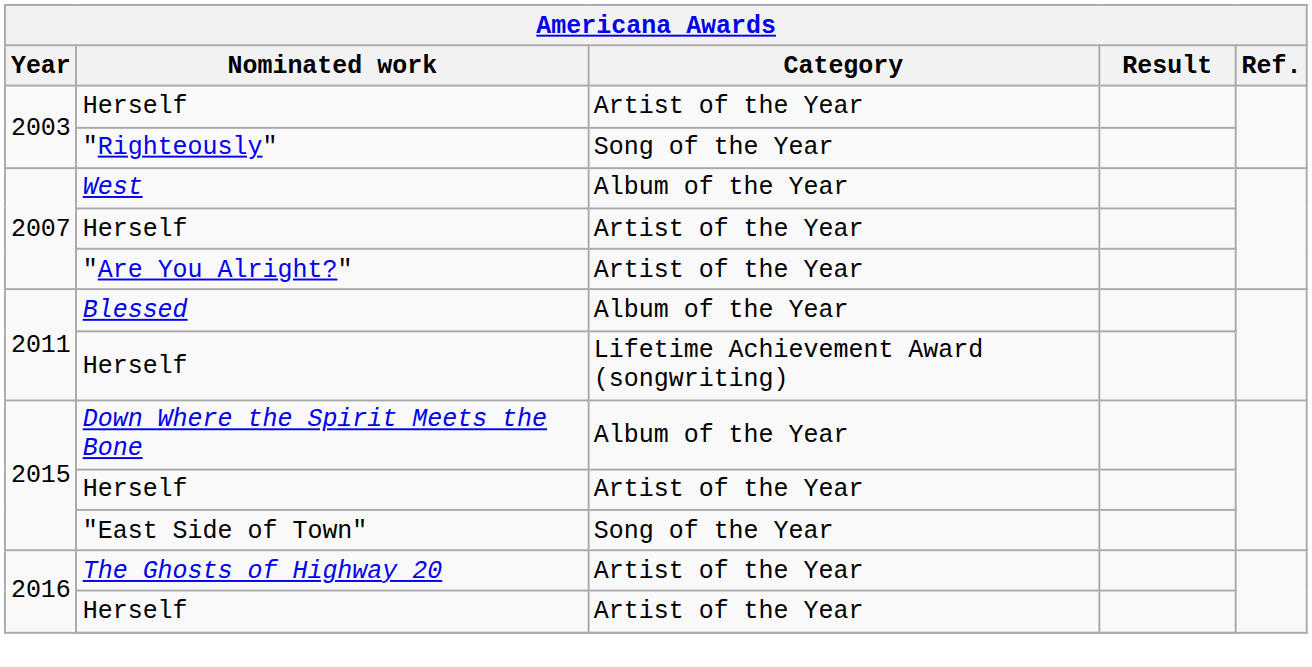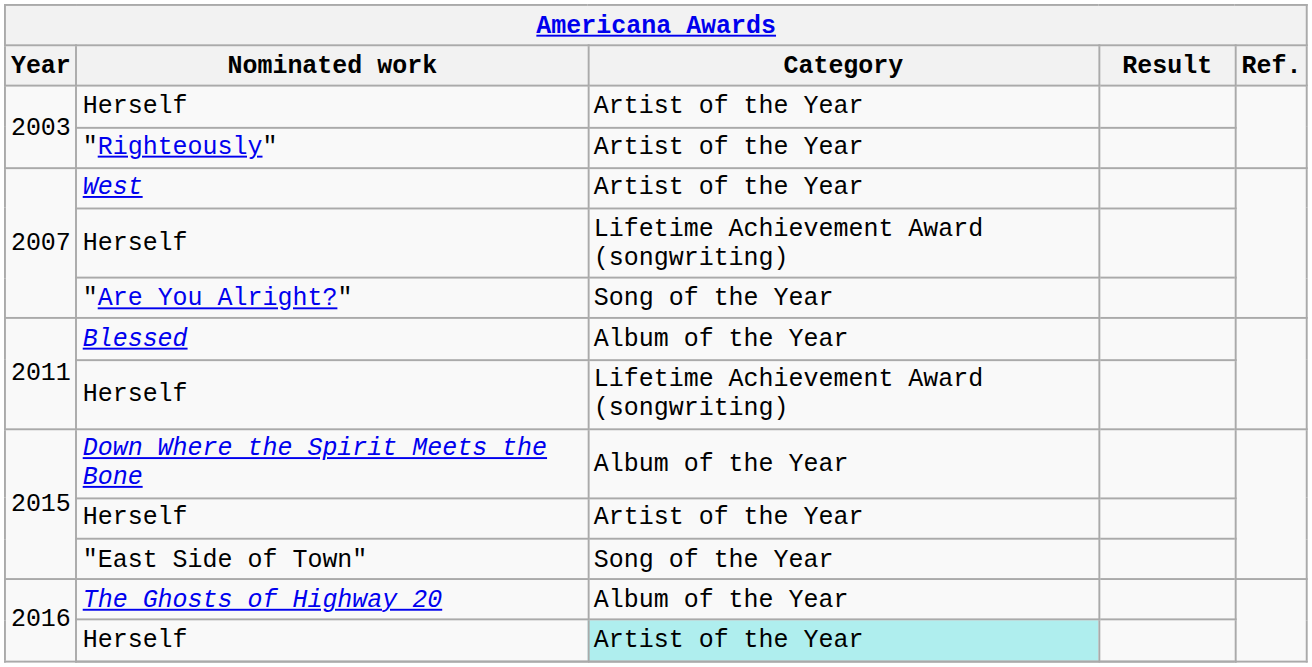 <table class="wikitable">
 <tr>
 <th colspan="5" align="center"><a href='#'>Americana Awards</a></th>
 </tr>
 <tr>
 <th scope="col" style="width:1em;">Year</th>
 <th scope="col" style="width:20em;">Nominated work</th>
 <th scope="col" style="width:20em;">Category</th>
 <th scope="col" style="width:5em;">Result</th>
 <th scope="col" style="width:1em;">Ref.</th>
 </tr>
 <tr>
 <td rowspan="2" align="center">2003</td>
 <td align="left">Herself</td>
 <td align="left">Artist of the Year</td>
 <td></td>
 <td rowspan="2" align="center"></td>
 </tr>
 <tr>
 <td align="left">"<a href='#'>Righteously</a>"</td>
-<td align="left">Song of the Year</td>
+<td align="left">Artist of the Year</td>
 <td></td>
 </tr>
 <tr>
 <td rowspan="3" align="center">2007</td>
 <td align="left"><em><a href='#'>West</a></em></td>
-<td align="left">Album of the Year</td>
+<td align="left">Artist of the Year</td>
 <td></td>
 <td rowspan="3" align="center"></td>
 </tr>
 <tr>
 <td align="left">Herself</td>
-<td align="left">Artist of the Year</td>
+<td align="left">Lifetime Achievement Award (songwriting)</td>
 <td></td>
 </tr>
 <tr>
 <td align="left">"<a href='#'>Are You Alright?</a>"</td>
-<td align="left">Artist of the Year</td>
+<td align="left">Song of the Year</td>
 <td></td>
 </tr>
 <tr>
 <td rowspan="2" align="center">2011</td>
 <td align="left"><em><a href='#'>Blessed</a></em></td>
 <td align="left">Album of the Year</td>
 <td></td>
 <td rowspan="2" align="center"></td>
 </tr>
 <tr>
 <td align="left">Herself</td>
 <td align="left">Lifetime Achievement Award (songwriting)</td>
 <td></td>
 </tr>
 <tr>
 <td rowspan="3" align="center">2015</td>
 <td align="left"><em><a href='#'>Down Where the Spirit Meets the Bone</a></em></td>
 <td align="left">Album of the Year</td>
 <td></td>
 <td rowspan="3" align="center"></td>
 </tr>
 <tr>
 <td align="left">Herself</td>
 <td align="left">Artist of the Year</td>
 <td></td>
 </tr>
 <tr>
 <td align="left">"East Side of Town"</td>
 <td align="left">Song of the Year</td>
 <td></td>
 </tr>
 <tr>
 <td rowspan="3" align="center">2016</td>
 <td align="left"><em><a href='#'>The Ghosts of Highway 20</a></em></td>
-<td align="left">Artist of the Year</td>
+<td align="left">Album of the Year</td>
 <td></td>
 <td rowspan="3" align="center"></td>
 </tr>
 <tr>
 <td align="left">Herself</td>
-<td align="left">Artist of the Year</td>
+<td align="left" style="background: paleturquoise;">Artist of the Year</td>
 <td></td>
 </tr>
 <tr>
 </tr>
 </table>
